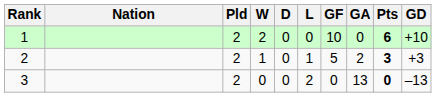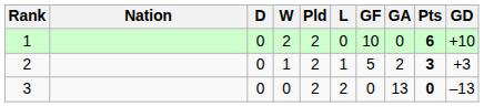 <table class="wikitable" style="text-align: center;">
 <tr>
 <th width=5>Rank</th>
 <th width=200>Nation</th>
+<th width=20>D</th>
+<th width=20>W</th>
 <th width=20>Pld</th>
-<th width=20>W</th>
-<th width=20>D</th>
 <th width=20>L</th>
 <th width=20>GF</th>
 <th width=20>GA</th>
 <th width=20>Pts</th>
 <th width=20>GD</th>
 </tr>
 <tr style="background:#ccffcc">
 <td>1</td>
 <td style="text-align:left"></td>
+<td>0</td>
 <td>2</td>
 <td>2</td>
-<td>0</td>
 <td>0</td>
 <td>10</td>
 <td>0</td>
 <td><strong>6</strong></td>
 <td>+10</td>
 </tr>
 <tr>
 <td>2</td>
 <td style="text-align:left"></td>
+<td>0</td>
+<td>1</td>
 <td>2</td>
-<td>1</td>
-<td>0</td>
 <td>1</td>
 <td>5</td>
 <td>2</td>
 <td><strong>3</strong></td>
 <td>+3</td>
 </tr>
 <tr>
 <td>3</td>
 <td style="text-align:left"></td>
-<td>2</td>
 <td>0</td>
 <td>0</td>
+<td>2</td>
 <td>2</td>
 <td>0</td>
 <td>13</td>
 <td><strong>0</strong></td>
 <td>–13</td>
 </tr>
 </table>
